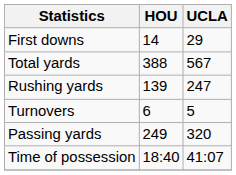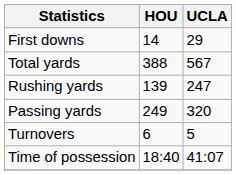 <table class="wikitable">
 <tr>
 <th>Statistics</th>
 <th>HOU</th>
 <th>UCLA</th>
 </tr>
 <tr>
 <td>First downs</td>
 <td>14</td>
 <td>29</td>
 </tr>
 <tr>
 <td>Total yards</td>
 <td>388</td>
 <td>567</td>
 </tr>
 <tr>
 <td>Rushing yards</td>
 <td>139</td>
 <td>247</td>
 </tr>
 <tr>
+<td>Passing yards</td>
+<td>249</td>
+<td>320</td>
+</tr>
+<tr>
 <td>Turnovers</td>
 <td>6</td>
 <td>5</td>
-</tr>
-<tr>
-<td>Passing yards</td>
-<td>249</td>
-<td>320</td>
 </tr>
 <tr>
 <td>Time of possession</td>
 <td>18:40</td>
 <td>41:07</td>
 </tr>
 <tr>
 </tr>
 </table>
